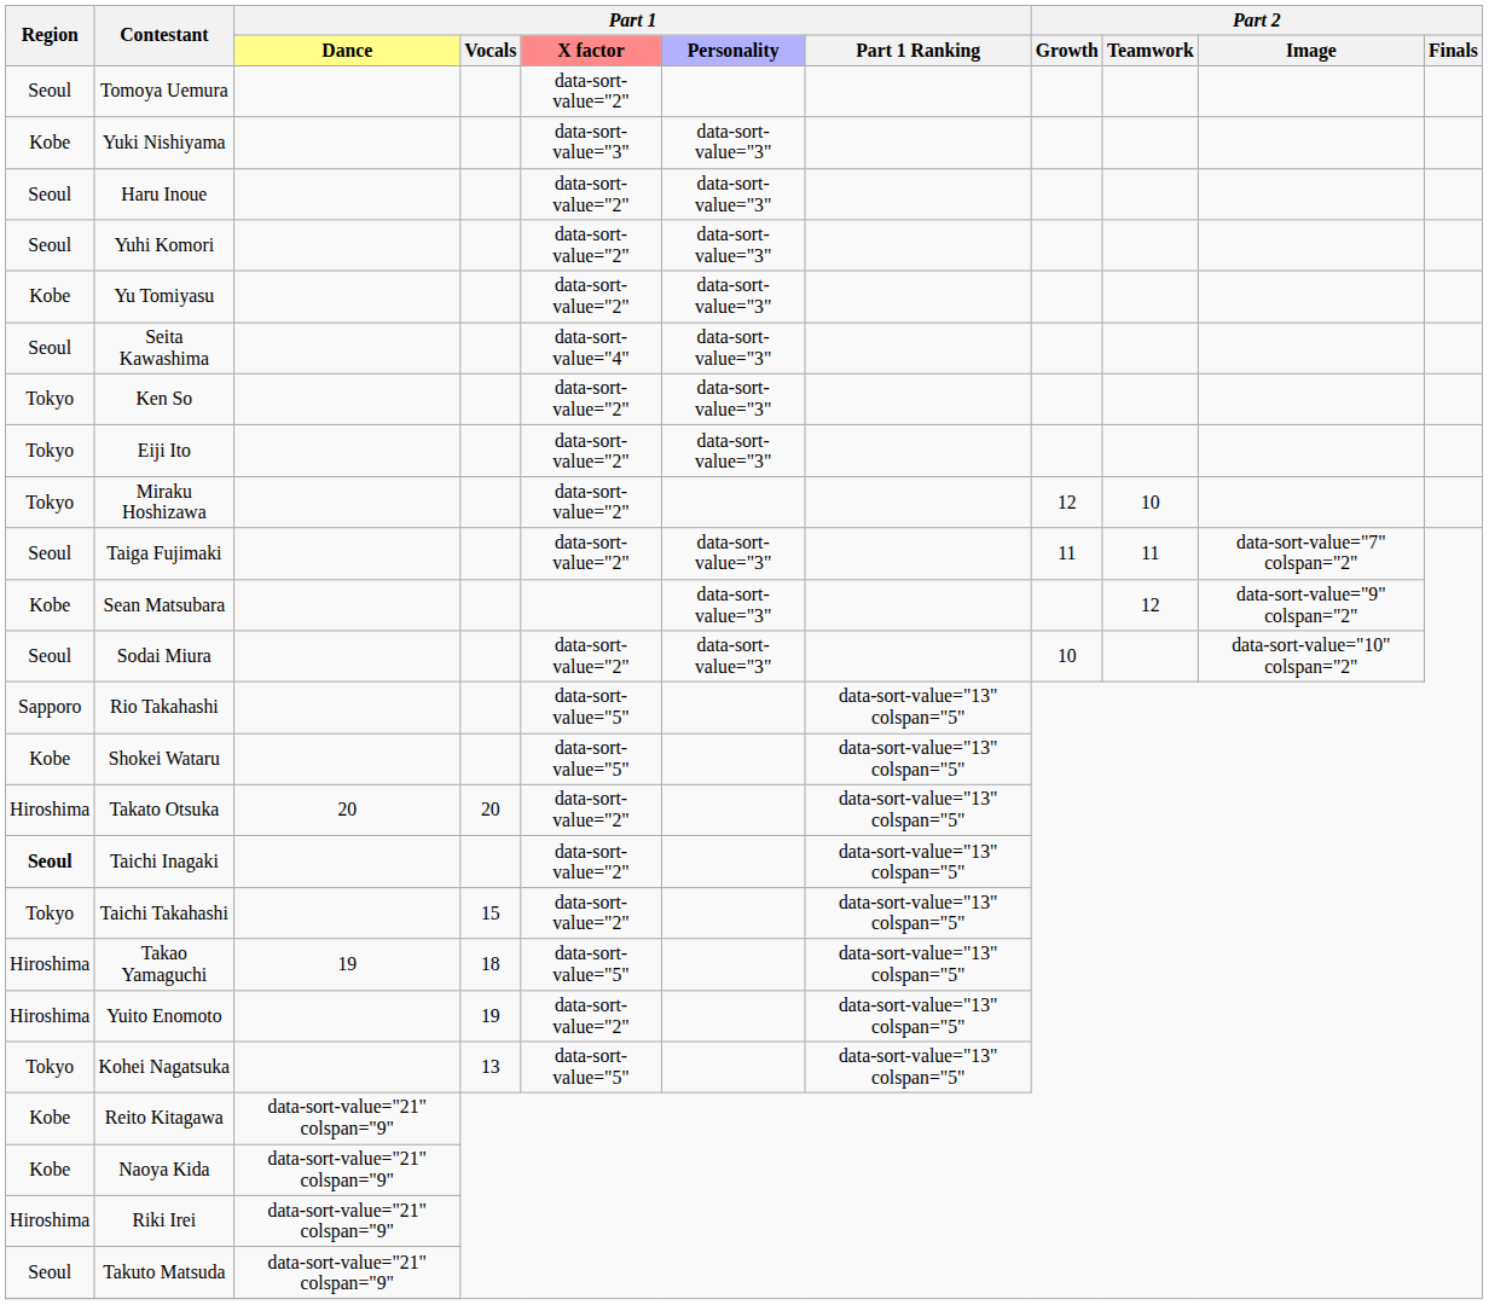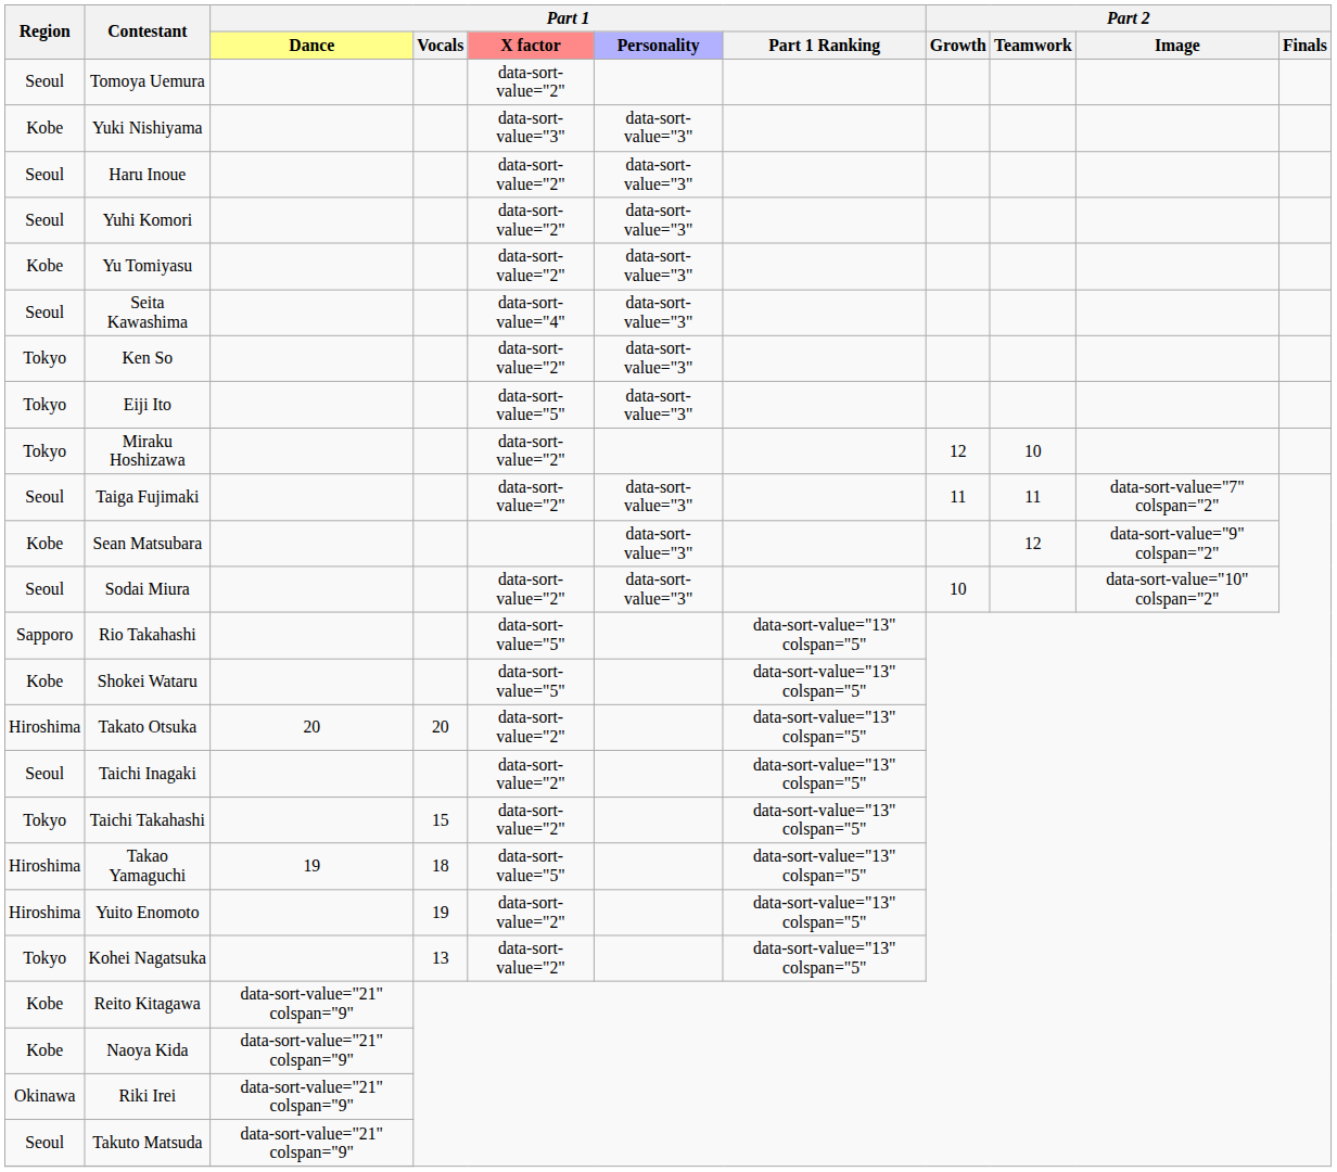 <table class="wikitable sortable" style="text-align:center;">
 <tr>
 <th rowspan="2">Region</th>
 <th rowspan="2">Contestant</th>
 <th colspan="5"><em>Part 1</em></th>
 <th colspan="4"><em>Part 2</em></th>
 </tr>
 <tr>
 <th style="background:#ffff89">Dance</th>
 <th style="background:##ccff7d">Vocals</th>
 <th style="background:#ff8989">X factor</th>
 <th style="background:#b1b1ff">Personality</th>
 <th>Part 1 Ranking</th>
 <th>Growth<br></th>
 <th>Teamwork<br></th>
 <th>Image<br></th>
 <th>Finals<br></th>
 </tr>
 <tr>
 <td>Seoul</td>
 <td data-sort-value="Uemura">Tomoya Uemura</td>
 <td></td>
 <td></td>
 <td>data-sort-value="2" </td>
 <td></td>
 <td></td>
 <td></td>
 <td></td>
 <td></td>
 <td></td>
 </tr>
 <tr>
 <td>Kobe</td>
 <td data-sort-value="Nishiyama">Yuki Nishiyama</td>
 <td></td>
 <td></td>
 <td>data-sort-value="3" </td>
 <td>data-sort-value="3" </td>
 <td></td>
 <td></td>
 <td></td>
 <td></td>
 <td></td>
 </tr>
 <tr>
 <td>Seoul</td>
 <td data-sort-value="Inoue">Haru Inoue</td>
 <td></td>
 <td></td>
 <td>data-sort-value="2" </td>
 <td>data-sort-value="3" </td>
 <td></td>
 <td></td>
 <td></td>
 <td></td>
 <td></td>
 </tr>
 <tr>
 <td>Seoul</td>
 <td>Yuhi Komori</td>
 <td></td>
 <td></td>
 <td>data-sort-value="2" </td>
 <td>data-sort-value="3" </td>
 <td></td>
 <td></td>
 <td></td>
 <td></td>
 <td></td>
 </tr>
 <tr>
 <td>Kobe</td>
 <td>Yu Tomiyasu</td>
 <td></td>
 <td></td>
 <td>data-sort-value="2" </td>
 <td>data-sort-value="3" </td>
 <td></td>
 <td></td>
 <td></td>
 <td></td>
 <td></td>
 </tr>
 <tr>
 <td>Seoul</td>
 <td>Seita Kawashima</td>
 <td></td>
 <td></td>
 <td>data-sort-value="4" </td>
 <td>data-sort-value="3" </td>
 <td></td>
 <td></td>
 <td></td>
 <td></td>
 <td></td>
 </tr>
 <tr>
 <td>Tokyo</td>
 <td>Ken So</td>
 <td></td>
 <td></td>
 <td>data-sort-value="2" </td>
 <td>data-sort-value="3" </td>
 <td></td>
 <td></td>
 <td></td>
 <td></td>
 <td></td>
 </tr>
 <tr>
 <td>Tokyo</td>
 <td data-sort-value="Ito">Eiji Ito</td>
 <td></td>
 <td></td>
-<td>data-sort-value="2" </td>
+<td>data-sort-value="5" </td>
 <td>data-sort-value="3" </td>
 <td></td>
 <td></td>
 <td></td>
 <td></td>
 <td></td>
 </tr>
 <tr>
 <td>Tokyo</td>
 <td>Miraku Hoshizawa</td>
 <td></td>
 <td></td>
 <td>data-sort-value="2" </td>
 <td></td>
 <td></td>
 <td>12</td>
 <td>10</td>
 <td></td>
 <td></td>
 </tr>
 <tr>
 <td>Seoul</td>
 <td>Taiga Fujimaki</td>
 <td></td>
 <td></td>
 <td>data-sort-value="2" </td>
 <td>data-sort-value="3" </td>
 <td></td>
 <td>11</td>
 <td>11</td>
 <td>data-sort-value="7" colspan="2" </td>
 </tr>
 <tr>
 <td>Kobe</td>
 <td>Sean Matsubara</td>
 <td></td>
 <td></td>
 <td></td>
 <td>data-sort-value="3" </td>
 <td></td>
 <td></td>
 <td>12</td>
 <td>data-sort-value="9" colspan="2" </td>
 </tr>
 <tr>
 <td>Seoul</td>
 <td>Sodai Miura</td>
 <td></td>
 <td></td>
 <td>data-sort-value="2" </td>
 <td>data-sort-value="3" </td>
 <td></td>
 <td>10</td>
 <td></td>
 <td>data-sort-value="10" colspan="2" </td>
 </tr>
 <tr>
 <td>Sapporo</td>
 <td>Rio Takahashi</td>
 <td></td>
 <td></td>
 <td>data-sort-value="5" </td>
 <td></td>
 <td>data-sort-value="13" colspan="5" </td>
 </tr>
 <tr>
 <td>Kobe</td>
 <td>Shokei Wataru</td>
 <td></td>
 <td></td>
 <td>data-sort-value="5" </td>
 <td></td>
 <td>data-sort-value="13" colspan="5" </td>
 </tr>
 <tr>
 <td>Hiroshima</td>
 <td>Takato Otsuka</td>
 <td>20</td>
 <td>20</td>
 <td>data-sort-value="2" </td>
 <td></td>
 <td>data-sort-value="13" colspan="5" </td>
 </tr>
 <tr>
-<td><strong>Seoul</strong></td>
+<td>Seoul</td>
 <td>Taichi Inagaki</td>
 <td></td>
 <td></td>
 <td>data-sort-value="2" </td>
 <td></td>
 <td>data-sort-value="13" colspan="5" </td>
 </tr>
 <tr>
 <td>Tokyo</td>
 <td>Taichi Takahashi</td>
 <td></td>
 <td>15</td>
 <td>data-sort-value="2" </td>
 <td></td>
 <td>data-sort-value="13" colspan="5" </td>
 </tr>
 <tr>
 <td>Hiroshima</td>
 <td>Takao Yamaguchi</td>
 <td>19</td>
 <td>18</td>
 <td>data-sort-value="5" </td>
 <td></td>
 <td>data-sort-value="13" colspan="5" </td>
 </tr>
 <tr>
 <td>Hiroshima</td>
 <td>Yuito Enomoto</td>
 <td></td>
 <td>19</td>
 <td>data-sort-value="2" </td>
 <td></td>
 <td>data-sort-value="13" colspan="5" </td>
 </tr>
 <tr>
 <td>Tokyo</td>
 <td>Kohei Nagatsuka</td>
 <td></td>
 <td>13</td>
-<td>data-sort-value="5" </td>
+<td>data-sort-value="2" </td>
 <td></td>
 <td>data-sort-value="13" colspan="5" </td>
 </tr>
 <tr>
 <td>Kobe</td>
 <td>Reito Kitagawa</td>
 <td>data-sort-value="21" colspan="9" </td>
 </tr>
 <tr>
 <td>Kobe</td>
 <td>Naoya Kida</td>
 <td>data-sort-value="21" colspan="9" </td>
 </tr>
 <tr>
-<td>Hiroshima</td>
+<td>Okinawa</td>
 <td>Riki Irei</td>
 <td>data-sort-value="21" colspan="9" </td>
 </tr>
 <tr>
 <td>Seoul</td>
 <td>Takuto Matsuda</td>
 <td>data-sort-value="21" colspan="9" </td>
 </tr>
 <tr>
 </tr>
 </table>
